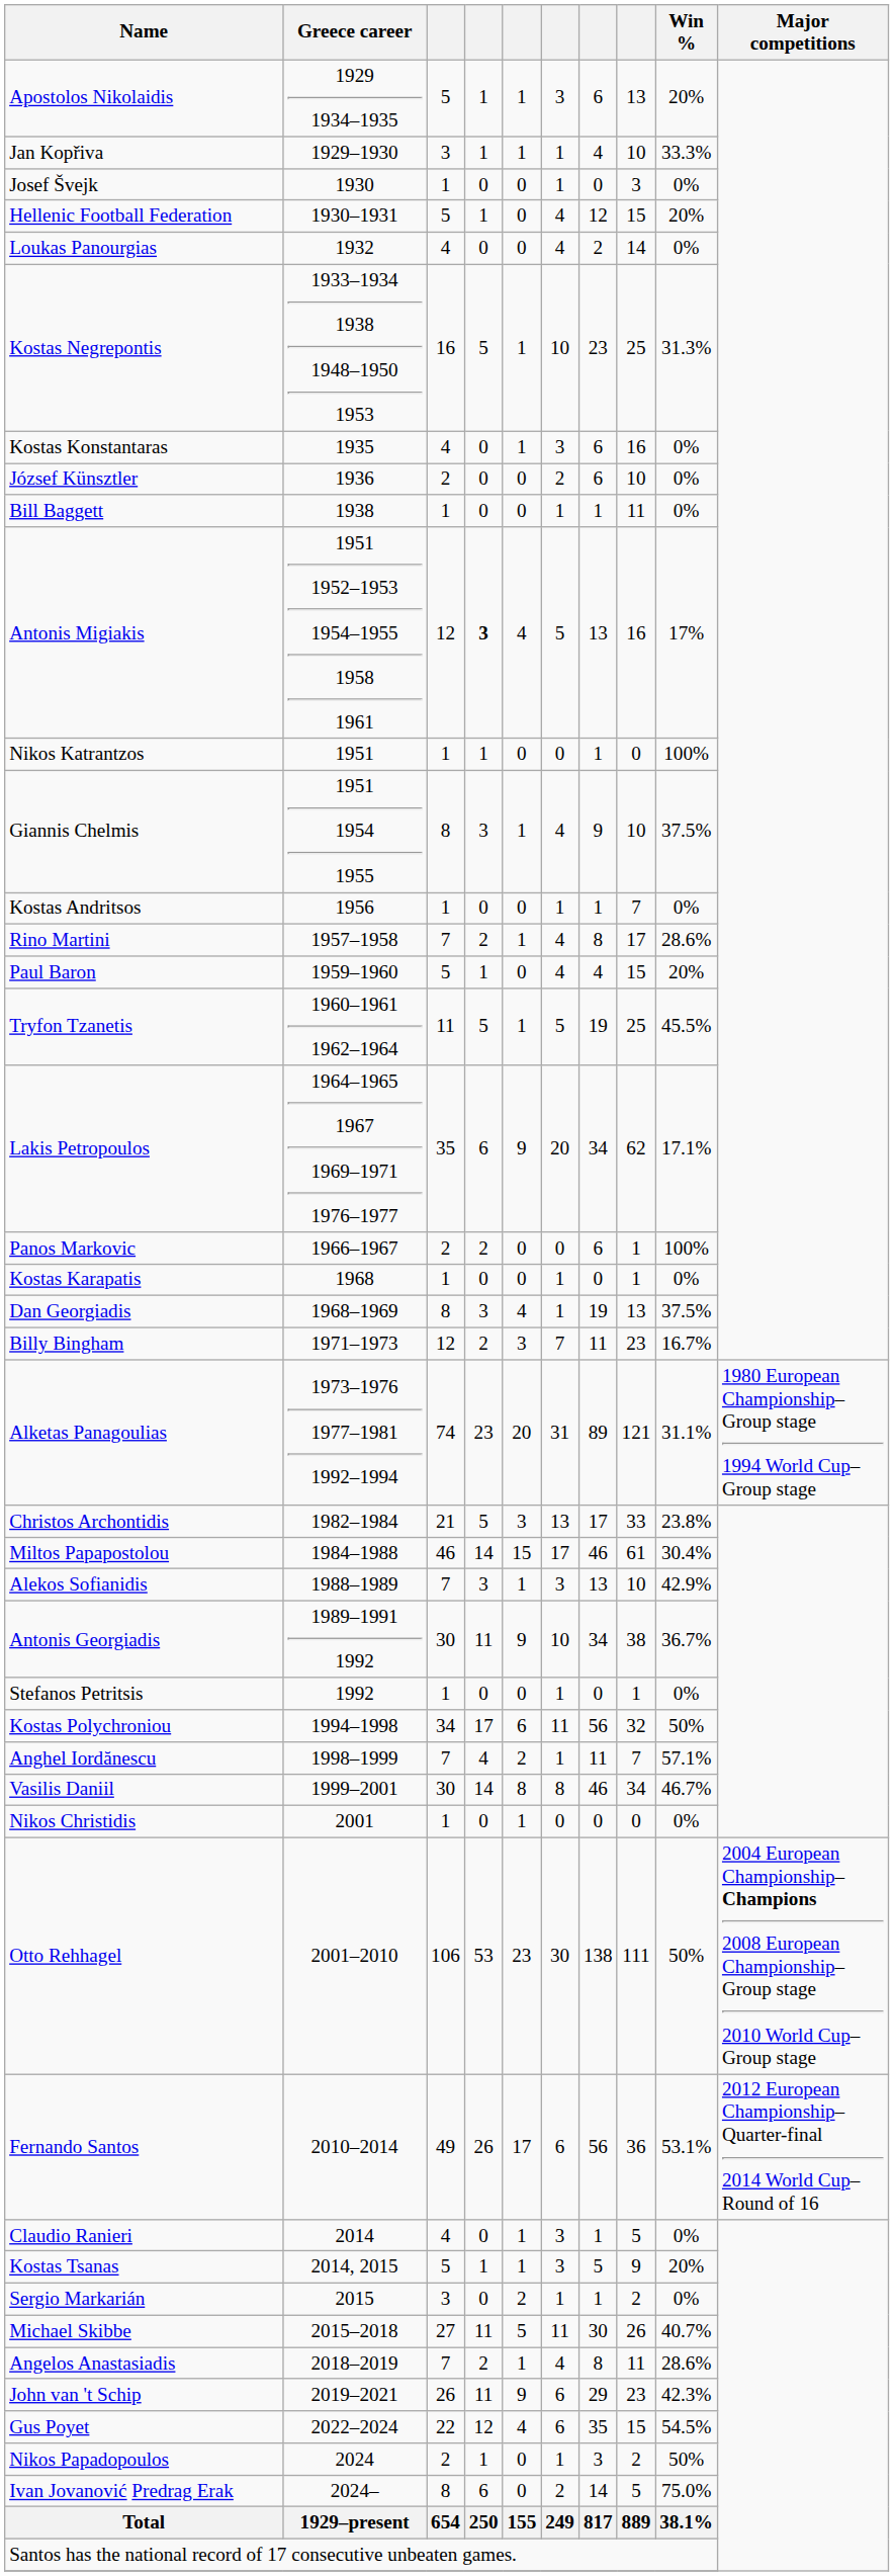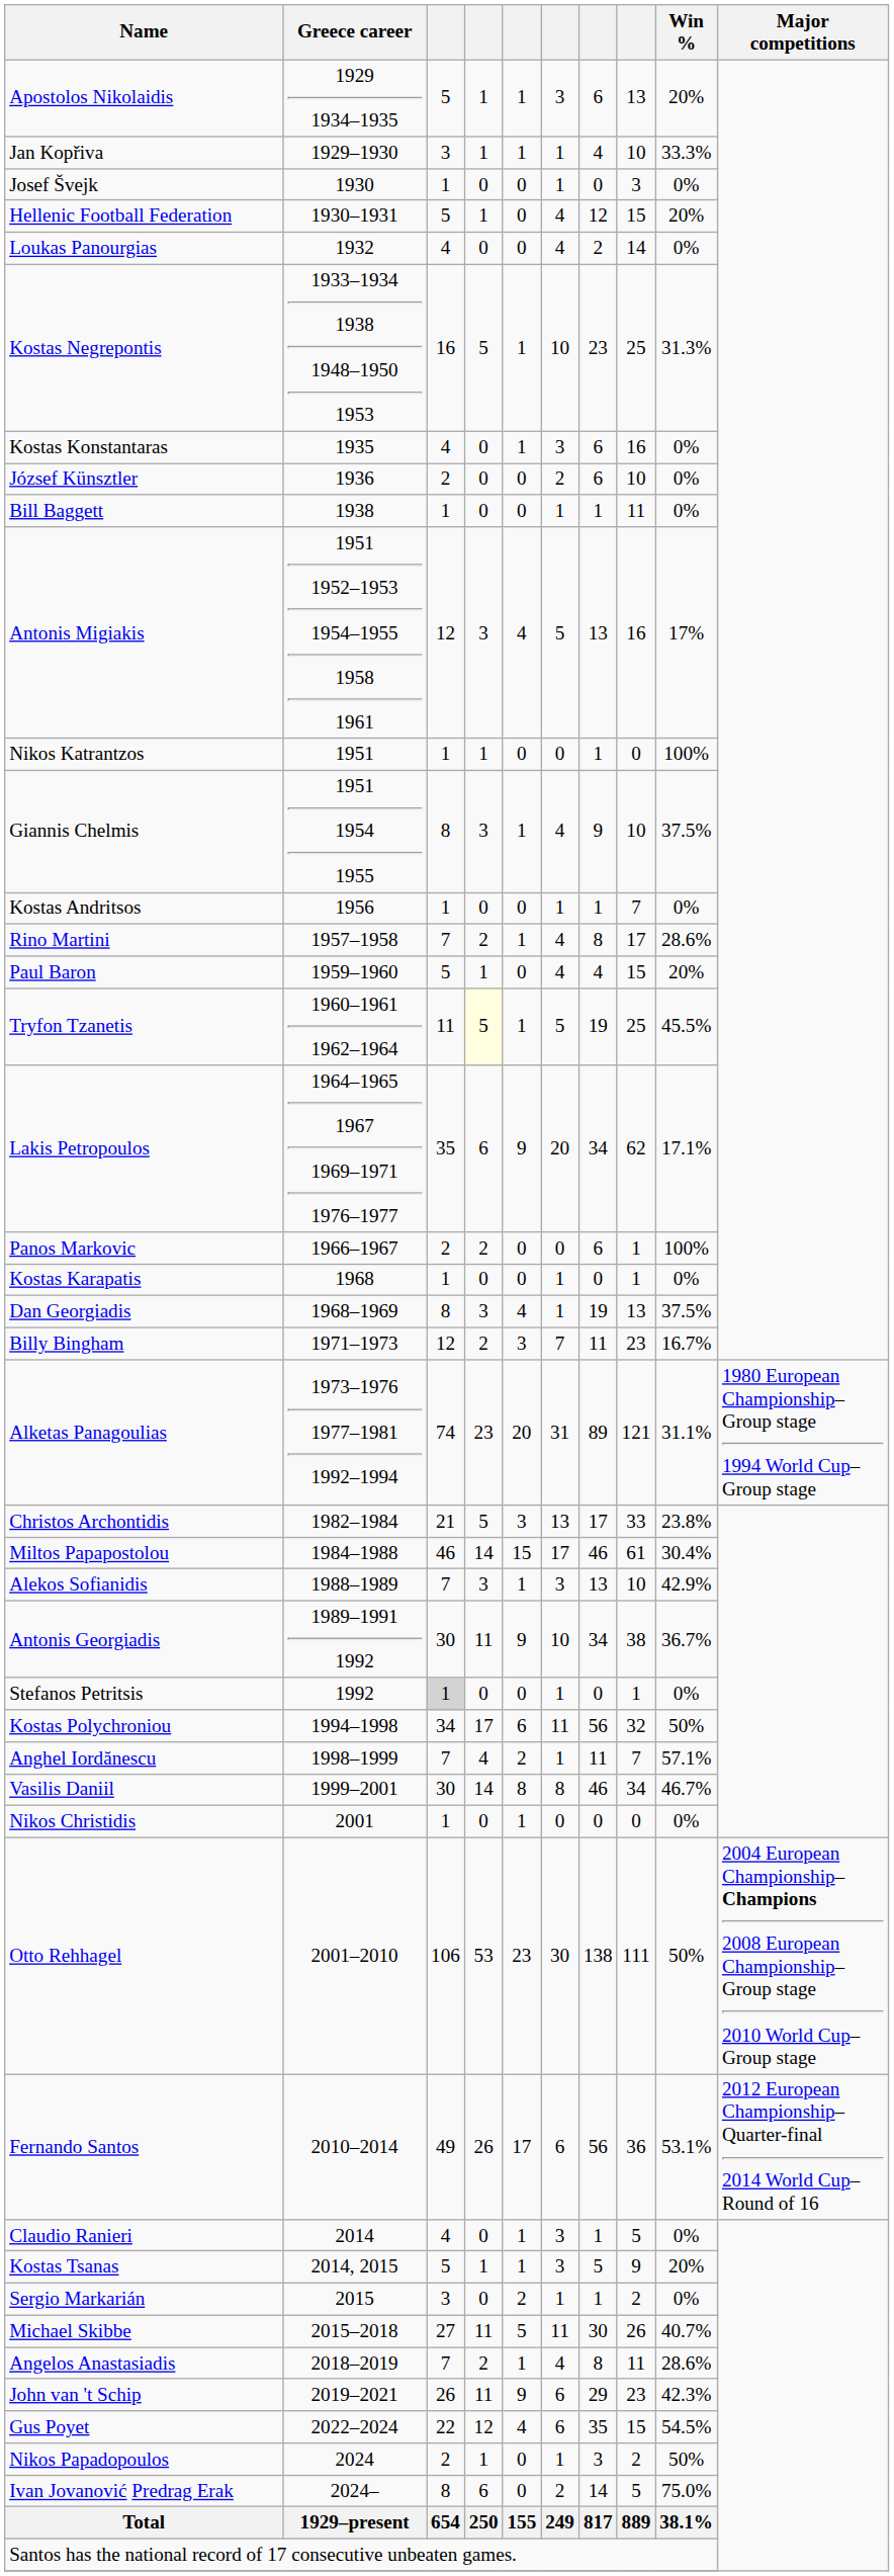 <table class="wikitable sortable" style="text-align: center;font-size:90%">
 <tr>
 <th width=200px>Name</th>
 <th width=100px>Greece career</th>
 <th width=20px></th>
 <th width=20px></th>
 <th width=20px></th>
 <th width=20px></th>
 <th width=20px></th>
 <th width=20px></th>
 <th width=30px>Win %</th>
 <th width=120px>Major competitions</th>
 </tr>
 <tr>
 <td style="text-align: left;"> <a href='#'>Apostolos Nikolaidis</a></td>
 <td>1929<hr> 1934–1935</td>
 <td>5</td>
 <td>1</td>
 <td>1</td>
 <td>3</td>
 <td>6</td>
 <td>13</td>
 <td>20%</td>
 </tr>
 <tr>
 <td style="text-align: left;"> Jan Kopřiva</td>
 <td>1929–1930</td>
 <td>3</td>
 <td>1</td>
 <td>1</td>
 <td>1</td>
 <td>4</td>
 <td>10</td>
 <td>33.3%</td>
 </tr>
 <tr>
 <td style="text-align: left;"> Josef Švejk</td>
 <td>1930</td>
 <td>1</td>
 <td>0</td>
 <td>0</td>
 <td>1</td>
 <td>0</td>
 <td>3</td>
 <td>0%</td>
 </tr>
 <tr>
 <td style="text-align: left;"> <a href='#'>Hellenic Football Federation</a></td>
 <td>1930–1931</td>
 <td>5</td>
 <td>1</td>
 <td>0</td>
 <td>4</td>
 <td>12</td>
 <td>15</td>
 <td>20%</td>
 </tr>
 <tr>
 <td style="text-align: left;"> <a href='#'>Loukas Panourgias</a></td>
 <td>1932</td>
 <td>4</td>
 <td>0</td>
 <td>0</td>
 <td>4</td>
 <td>2</td>
 <td>14</td>
 <td>0%</td>
 </tr>
 <tr>
 <td style="text-align: left;"> <a href='#'>Kostas Negrepontis</a></td>
 <td>1933–1934<hr>1938<hr>1948–1950<hr>1953</td>
 <td>16</td>
 <td>5</td>
 <td>1</td>
 <td>10</td>
 <td>23</td>
 <td>25</td>
 <td>31.3%</td>
 </tr>
 <tr>
 <td style="text-align: left;"> Kostas Konstantaras</td>
 <td>1935</td>
 <td>4</td>
 <td>0</td>
 <td>1</td>
 <td>3</td>
 <td>6</td>
 <td>16</td>
 <td>0%</td>
 </tr>
 <tr>
 <td style="text-align: left;"> <a href='#'>József Künsztler</a></td>
 <td>1936</td>
 <td>2</td>
 <td>0</td>
 <td>0</td>
 <td>2</td>
 <td>6</td>
 <td>10</td>
 <td>0%</td>
 </tr>
 <tr>
 <td style="text-align: left;"> <a href='#'>Bill Baggett</a></td>
 <td>1938</td>
 <td>1</td>
 <td>0</td>
 <td>0</td>
 <td>1</td>
 <td>1</td>
 <td>11</td>
 <td>0%</td>
 </tr>
 <tr>
 <td style="text-align: left;"> <a href='#'>Antonis Migiakis</a></td>
 <td>1951<hr>1952–1953<hr>1954–1955<hr>1958<hr>1961</td>
 <td>12</td>
-<td><strong>3</strong></td>
+<td>3</td>
 <td>4</td>
 <td>5</td>
 <td>13</td>
 <td>16</td>
 <td>17%</td>
 </tr>
 <tr>
 <td style="text-align: left;"> Nikos Katrantzos</td>
 <td>1951</td>
 <td>1</td>
 <td>1</td>
 <td>0</td>
 <td>0</td>
 <td>1</td>
 <td>0</td>
 <td>100%</td>
 </tr>
 <tr>
 <td style="text-align: left;"> Giannis Chelmis</td>
 <td>1951<hr>1954<hr>1955</td>
 <td>8</td>
 <td>3</td>
 <td>1</td>
 <td>4</td>
 <td>9</td>
 <td>10</td>
 <td>37.5%</td>
 </tr>
 <tr>
 <td style="text-align: left;"> Kostas Andritsos</td>
 <td>1956</td>
 <td>1</td>
 <td>0</td>
 <td>0</td>
 <td>1</td>
 <td>1</td>
 <td>7</td>
 <td>0%</td>
 </tr>
 <tr>
 <td style="text-align: left;"> <a href='#'>Rino Martini</a></td>
 <td>1957–1958</td>
 <td>7</td>
 <td>2</td>
 <td>1</td>
 <td>4</td>
 <td>8</td>
 <td>17</td>
 <td>28.6%</td>
 </tr>
 <tr>
 <td style="text-align: left;"> <a href='#'>Paul Baron</a></td>
 <td>1959–1960</td>
 <td>5</td>
 <td>1</td>
 <td>0</td>
 <td>4</td>
 <td>4</td>
 <td>15</td>
 <td>20%</td>
 </tr>
 <tr>
 <td style="text-align: left;"> <a href='#'>Tryfon Tzanetis</a></td>
 <td>1960–1961<hr>1962–1964</td>
 <td>11</td>
-<td>5</td>
+<td style="background: lightyellow;">5</td>
 <td>1</td>
 <td>5</td>
 <td>19</td>
 <td>25</td>
 <td>45.5%</td>
 </tr>
 <tr>
 <td style="text-align: left;"> <a href='#'>Lakis Petropoulos</a></td>
 <td>1964–1965<hr>1967<hr>1969–1971<hr>1976–1977</td>
 <td>35</td>
 <td>6</td>
 <td>9</td>
 <td>20</td>
 <td>34</td>
 <td>62</td>
 <td>17.1%</td>
 </tr>
 <tr>
 <td style="text-align: left;">  <a href='#'>Panos Markovic</a></td>
 <td>1966–1967</td>
 <td>2</td>
 <td>2</td>
 <td>0</td>
 <td>0</td>
 <td>6</td>
 <td>1</td>
 <td>100%</td>
 </tr>
 <tr>
 <td style="text-align: left;"> <a href='#'>Kostas Karapatis</a></td>
 <td>1968</td>
 <td>1</td>
 <td>0</td>
 <td>0</td>
 <td>1</td>
 <td>0</td>
 <td>1</td>
 <td>0%</td>
 </tr>
 <tr>
 <td style="text-align: left;"> <a href='#'>Dan Georgiadis</a></td>
 <td>1968–1969</td>
 <td>8</td>
 <td>3</td>
 <td>4</td>
 <td>1</td>
 <td>19</td>
 <td>13</td>
 <td>37.5%</td>
 </tr>
 <tr>
 <td style="text-align: left;"> <a href='#'>Billy Bingham</a></td>
 <td>1971–1973</td>
 <td>12</td>
 <td>2</td>
 <td>3</td>
 <td>7</td>
 <td>11</td>
 <td>23</td>
 <td>16.7%</td>
 </tr>
 <tr>
 <td style="text-align: left;"> <a href='#'>Alketas Panagoulias</a></td>
 <td>1973–1976<hr>1977–1981<hr>1992–1994</td>
 <td>74</td>
 <td>23</td>
 <td>20</td>
 <td>31</td>
 <td>89</td>
 <td>121</td>
 <td>31.1%</td>
 <td style="text-align: left;"> <a href='#'>1980 European Championship</a>– Group stage<hr> <a href='#'>1994 World Cup</a>– Group stage</td>
 </tr>
 <tr>
 <td style="text-align: left;"> <a href='#'>Christos Archontidis</a></td>
 <td>1982–1984</td>
 <td>21</td>
 <td>5</td>
 <td>3</td>
 <td>13</td>
 <td>17</td>
 <td>33</td>
 <td>23.8%</td>
 </tr>
 <tr>
 <td style="text-align: left;"> <a href='#'>Miltos Papapostolou</a></td>
 <td>1984–1988</td>
 <td>46</td>
 <td>14</td>
 <td>15</td>
 <td>17</td>
 <td>46</td>
 <td>61</td>
 <td>30.4%</td>
 </tr>
 <tr>
 <td style="text-align: left;"> <a href='#'>Alekos Sofianidis</a></td>
 <td>1988–1989</td>
 <td>7</td>
 <td>3</td>
 <td>1</td>
 <td>3</td>
 <td>13</td>
 <td>10</td>
 <td>42.9%</td>
 </tr>
 <tr>
 <td style="text-align: left;"> <a href='#'>Antonis Georgiadis</a></td>
 <td>1989–1991<hr>1992</td>
 <td>30</td>
 <td>11</td>
 <td>9</td>
 <td>10</td>
 <td>34</td>
 <td>38</td>
 <td>36.7%</td>
 </tr>
 <tr>
 <td style="text-align: left;"> Stefanos Petritsis</td>
 <td>1992</td>
-<td>1</td>
+<td style="background: lightgrey;">1</td>
 <td>0</td>
 <td>0</td>
 <td>1</td>
 <td>0</td>
 <td>1</td>
 <td>0%</td>
 </tr>
 <tr>
 <td style="text-align: left;"> <a href='#'>Kostas Polychroniou</a></td>
 <td>1994–1998</td>
 <td>34</td>
 <td>17</td>
 <td>6</td>
 <td>11</td>
 <td>56</td>
 <td>32</td>
 <td>50%</td>
 </tr>
 <tr>
 <td style="text-align: left;"> <a href='#'>Anghel Iordănescu</a></td>
 <td>1998–1999</td>
 <td>7</td>
 <td>4</td>
 <td>2</td>
 <td>1</td>
 <td>11</td>
 <td>7</td>
 <td>57.1%</td>
 </tr>
 <tr>
 <td style="text-align: left;"> <a href='#'>Vasilis Daniil</a></td>
 <td>1999–2001</td>
 <td>30</td>
 <td>14</td>
 <td>8</td>
 <td>8</td>
 <td>46</td>
 <td>34</td>
 <td>46.7%</td>
 </tr>
 <tr>
 <td style="text-align: left;"> <a href='#'>Nikos Christidis</a></td>
 <td>2001</td>
 <td>1</td>
 <td>0</td>
 <td>1</td>
 <td>0</td>
 <td>0</td>
 <td>0</td>
 <td>0%</td>
 </tr>
 <tr>
 <td style="text-align: left;"> <a href='#'>Otto Rehhagel</a></td>
 <td>2001–2010</td>
 <td>106</td>
 <td>53</td>
 <td>23</td>
 <td>30</td>
 <td>138</td>
 <td>111</td>
 <td>50%</td>
 <td style="text-align: left;"> <a href='#'>2004 European Championship</a>– <strong>Champions</strong><hr> <a href='#'>2008 European Championship</a>– Group stage<hr> <a href='#'>2010 World Cup</a>– Group stage</td>
 </tr>
 <tr>
 <td style="text-align: left;"> <a href='#'>Fernando Santos</a></td>
 <td>2010–2014</td>
 <td>49</td>
 <td>26</td>
 <td>17</td>
 <td>6</td>
 <td>56</td>
 <td>36</td>
 <td>53.1%</td>
 <td style="text-align: left;"> <a href='#'>2012 European Championship</a>– Quarter-final<hr> <a href='#'>2014 World Cup</a>– Round of 16</td>
 </tr>
 <tr>
 <td style="text-align: left;"> <a href='#'>Claudio Ranieri</a></td>
 <td>2014</td>
 <td>4</td>
 <td>0</td>
 <td>1</td>
 <td>3</td>
 <td>1</td>
 <td>5</td>
 <td>0%</td>
 </tr>
 <tr>
 <td style="text-align: left;"> <a href='#'>Kostas Tsanas</a></td>
 <td>2014, 2015</td>
 <td>5</td>
 <td>1</td>
 <td>1</td>
 <td>3</td>
 <td>5</td>
 <td>9</td>
 <td>20%</td>
 </tr>
 <tr>
 <td style="text-align: left;">   <a href='#'>Sergio Markarián</a></td>
 <td>2015</td>
 <td>3</td>
 <td>0</td>
 <td>2</td>
 <td>1</td>
 <td>1</td>
 <td>2</td>
 <td>0%</td>
 </tr>
 <tr>
 <td style="text-align: left;"> <a href='#'>Michael Skibbe</a></td>
 <td>2015–2018</td>
 <td>27</td>
 <td>11</td>
 <td>5</td>
 <td>11</td>
 <td>30</td>
 <td>26</td>
 <td>40.7%</td>
 </tr>
 <tr>
 <td style="text-align: left;"> <a href='#'>Angelos Anastasiadis</a></td>
 <td>2018–2019</td>
 <td>7</td>
 <td>2</td>
 <td>1</td>
 <td>4</td>
 <td>8</td>
 <td>11</td>
 <td>28.6%</td>
 </tr>
 <tr>
 <td style="text-align: left;"> <a href='#'>John van 't Schip</a></td>
 <td>2019–2021</td>
 <td>26</td>
 <td>11</td>
 <td>9</td>
 <td>6</td>
 <td>29</td>
 <td>23</td>
 <td>42.3%</td>
 </tr>
 <tr>
 <td style="text-align: left;"> <a href='#'>Gus Poyet</a></td>
 <td>2022–2024</td>
 <td>22</td>
 <td>12</td>
 <td>4</td>
 <td>6</td>
 <td>35</td>
 <td>15</td>
 <td>54.5%</td>
 </tr>
 <tr>
 <td style="text-align: left;"> <a href='#'>Nikos Papadopoulos</a></td>
 <td>2024</td>
 <td>2</td>
 <td>1</td>
 <td>0</td>
 <td>1</td>
 <td>3</td>
 <td>2</td>
 <td>50%</td>
 </tr>
 <tr>
 <td style="text-align: left;"> <a href='#'>Ivan Jovanović</a> <a href='#'>Predrag Erak</a></td>
 <td>2024–</td>
 <td>8</td>
 <td>6</td>
 <td>0</td>
 <td>2</td>
 <td>14</td>
 <td>5</td>
 <td>75.0%</td>
 </tr>
 <tr>
 <th>Total</th>
 <th>1929–present</th>
 <th>654</th>
 <th>250</th>
 <th>155</th>
 <th>249</th>
 <th>817</th>
 <th>889</th>
 <th>38.1%</th>
 </tr>
 <tr>
 <td colspan="9" align="left">Santos has the national record of 17 consecutive unbeaten games.</td>
 </tr>
 <tr>
 </tr>
 </table>
